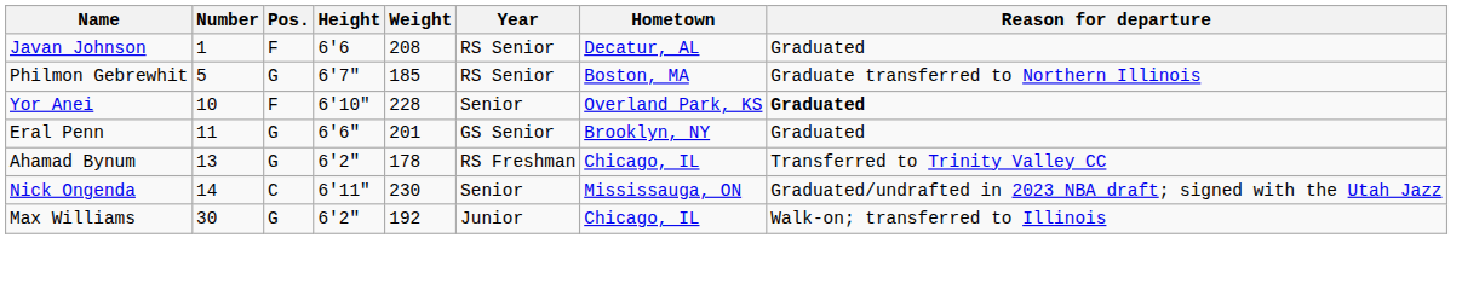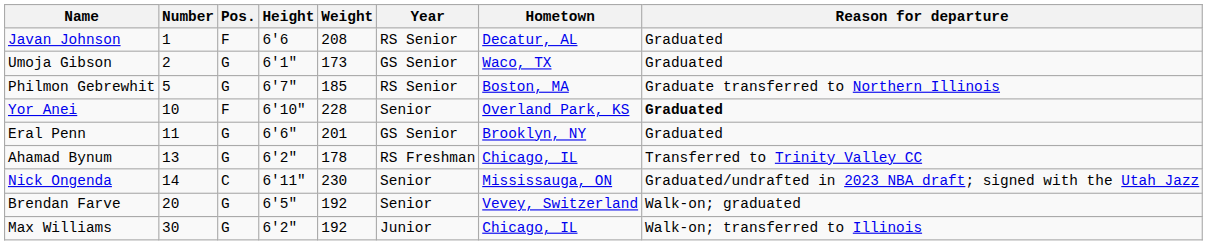 <table class="wikitable sortable" border="1">
 <tr align=center>
 <th>Name</th>
 <th>Number</th>
 <th>Pos.</th>
 <th>Height</th>
 <th>Weight</th>
 <th>Year</th>
 <th>Hometown</th>
 <th>Reason for departure</th>
 </tr>
 <tr>
 <td><a href='#'>Javan Johnson</a></td>
 <td>1</td>
 <td>F</td>
 <td>6'6</td>
 <td>208</td>
 <td>RS Senior</td>
 <td><a href='#'>Decatur, AL</a></td>
+<td>Graduated</td>
+</tr>
+<tr>
+<td>Umoja Gibson</td>
+<td>2</td>
+<td>G</td>
+<td>6'1"</td>
+<td>173</td>
+<td>GS Senior</td>
+<td><a href='#'>Waco, TX</a></td>
 <td>Graduated</td>
 </tr>
 <tr>
 <td>Philmon Gebrewhit</td>
 <td>5</td>
 <td>G</td>
 <td>6'7"</td>
 <td>185</td>
 <td>RS Senior</td>
 <td><a href='#'>Boston, MA</a></td>
 <td>Graduate transferred to <a href='#'>Northern Illinois</a></td>
 </tr>
 <tr>
 <td><a href='#'>Yor Anei</a></td>
 <td>10</td>
 <td>F</td>
 <td>6'10"</td>
 <td>228</td>
 <td>Senior</td>
 <td><a href='#'>Overland Park, KS</a></td>
 <td><strong>Graduated</strong></td>
 </tr>
 <tr>
 <td>Eral Penn</td>
 <td>11</td>
 <td>G</td>
 <td>6'6"</td>
 <td>201</td>
 <td>GS Senior</td>
 <td><a href='#'>Brooklyn, NY</a></td>
 <td>Graduated</td>
 </tr>
 <tr>
 <td>Ahamad Bynum</td>
 <td>13</td>
 <td>G</td>
 <td>6'2"</td>
 <td>178</td>
 <td>RS Freshman</td>
 <td><a href='#'>Chicago, IL</a></td>
 <td>Transferred to <a href='#'>Trinity Valley CC</a></td>
 </tr>
 <tr>
 <td><a href='#'>Nick Ongenda</a></td>
 <td>14</td>
 <td>C</td>
 <td>6'11"</td>
 <td>230</td>
 <td>Senior</td>
 <td><a href='#'>Mississauga, ON</a></td>
 <td>Graduated/undrafted in <a href='#'>2023 NBA draft</a>; signed with the <a href='#'>Utah Jazz</a></td>
 </tr>
 <tr>
+<td>Brendan Farve</td>
+<td>20</td>
+<td>G</td>
+<td>6'5"</td>
+<td>192</td>
+<td>Senior</td>
+<td><a href='#'>Vevey, Switzerland</a></td>
+<td>Walk-on; graduated</td>
+</tr>
+<tr>
 <td>Max Williams</td>
 <td>30</td>
 <td>G</td>
 <td>6'2"</td>
 <td>192</td>
 <td>Junior</td>
 <td><a href='#'>Chicago, IL</a></td>
 <td>Walk-on; transferred to <a href='#'>Illinois</a></td>
 </tr>
 </table>
